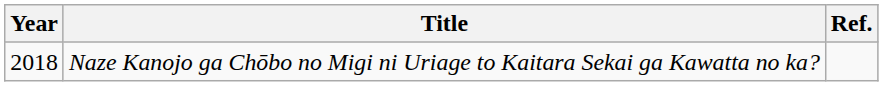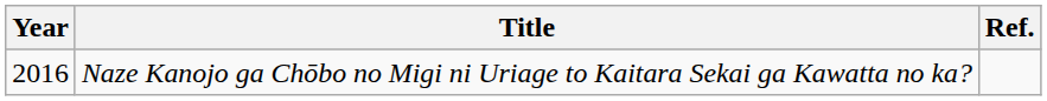 <table class="wikitable">
 <tr>
 <th>Year</th>
 <th>Title</th>
 <th>Ref.</th>
 </tr>
 <tr>
-<td>2018</td>
+<td>2016</td>
 <td><em>Naze Kanojo ga Chōbo no Migi ni Uriage to Kaitara Sekai ga Kawatta no ka?</em></td>
 <td></td>
 </tr>
 </table>
